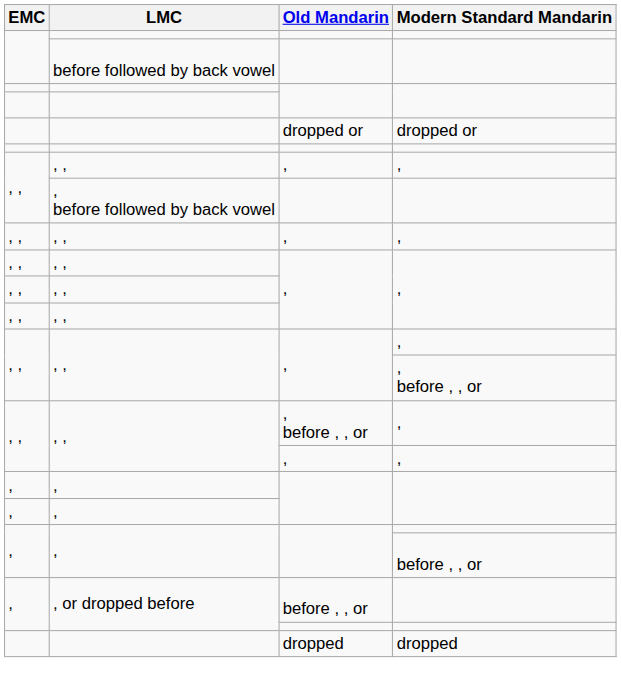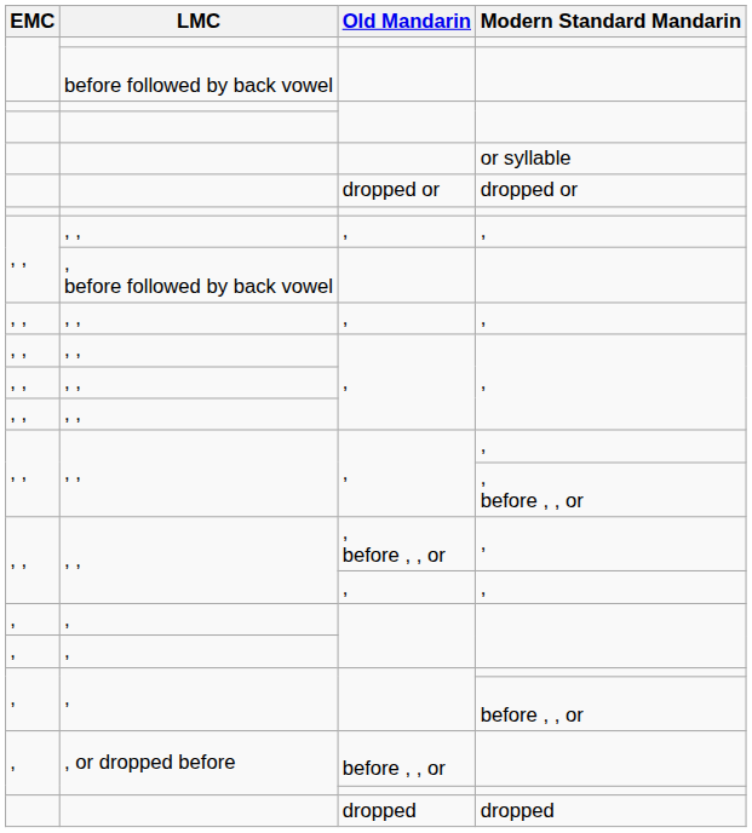 <table class="wikitable">
 <tr>
 <th>EMC</th>
 <th>LMC</th>
 <th><a href='#'>Old Mandarin</a></th>
 <th>Modern Standard Mandarin</th>
 </tr>
 <tr>
 <td rowspan="2"></td>
 <td></td>
 <td></td>
 <td></td>
 </tr>
 <tr>
 <td><br>before  followed by back vowel</td>
 <td></td>
 <td></td>
 </tr>
 <tr>
 <td></td>
 <td></td>
 <td rowspan="2"></td>
 <td rowspan="2"></td>
 </tr>
 <tr>
 <td></td>
 <td><br></td>
+</tr>
+<tr>
+<td></td>
+<td></td>
+<td></td>
+<td> or syllable </td>
 </tr>
 <tr>
 <td></td>
 <td></td>
 <td>dropped or </td>
 <td>dropped or </td>
 </tr>
 <tr>
 <td></td>
 <td></td>
 <td></td>
 <td></td>
 </tr>
 <tr>
 <td rowspan="2">, , </td>
 <td>, , </td>
 <td>, </td>
 <td>, </td>
 </tr>
 <tr>
 <td>, <br>before  followed by back vowel</td>
 <td></td>
 <td></td>
 </tr>
 <tr>
 <td>, , </td>
 <td>, , </td>
 <td>, </td>
 <td>, </td>
 </tr>
 <tr>
 <td>, , </td>
 <td>, , </td>
 <td rowspan="3">, </td>
 <td rowspan="3">, </td>
 </tr>
 <tr>
 <td>, , </td>
 <td>, , <br> </td>
 </tr>
 <tr>
 <td>, , </td>
 <td>, , <br> </td>
 </tr>
 <tr>
 <td rowspan="2">, , </td>
 <td rowspan="2">, , </td>
 <td rowspan="2">, </td>
 <td>, </td>
 </tr>
 <tr>
 <td>, <br>before , , or </td>
 </tr>
 <tr>
 <td rowspan="2">, , </td>
 <td rowspan="2">, , </td>
 <td>, <br>before , , or </td>
 <td>, </td>
 </tr>
 <tr>
 <td>, </td>
 <td>, </td>
 </tr>
 <tr>
 <td>, </td>
 <td>, </td>
 <td rowspan="2"></td>
 <td rowspan="2"></td>
 </tr>
 <tr>
 <td>, </td>
 <td>, <br> </td>
 </tr>
 <tr>
 <td rowspan="2">, </td>
 <td rowspan="2">, </td>
 <td rowspan="2"></td>
 <td></td>
 </tr>
 <tr>
 <td><br>before , , or </td>
 </tr>
 <tr>
 <td rowspan="2">, </td>
 <td rowspan="2">,  or dropped before </td>
 <td><br>before , , or </td>
 <td></td>
 </tr>
 <tr>
 <td></td>
 <td></td>
 </tr>
 <tr>
 <td></td>
 <td></td>
 <td>dropped</td>
 <td>dropped</td>
 </tr>
 </table>
